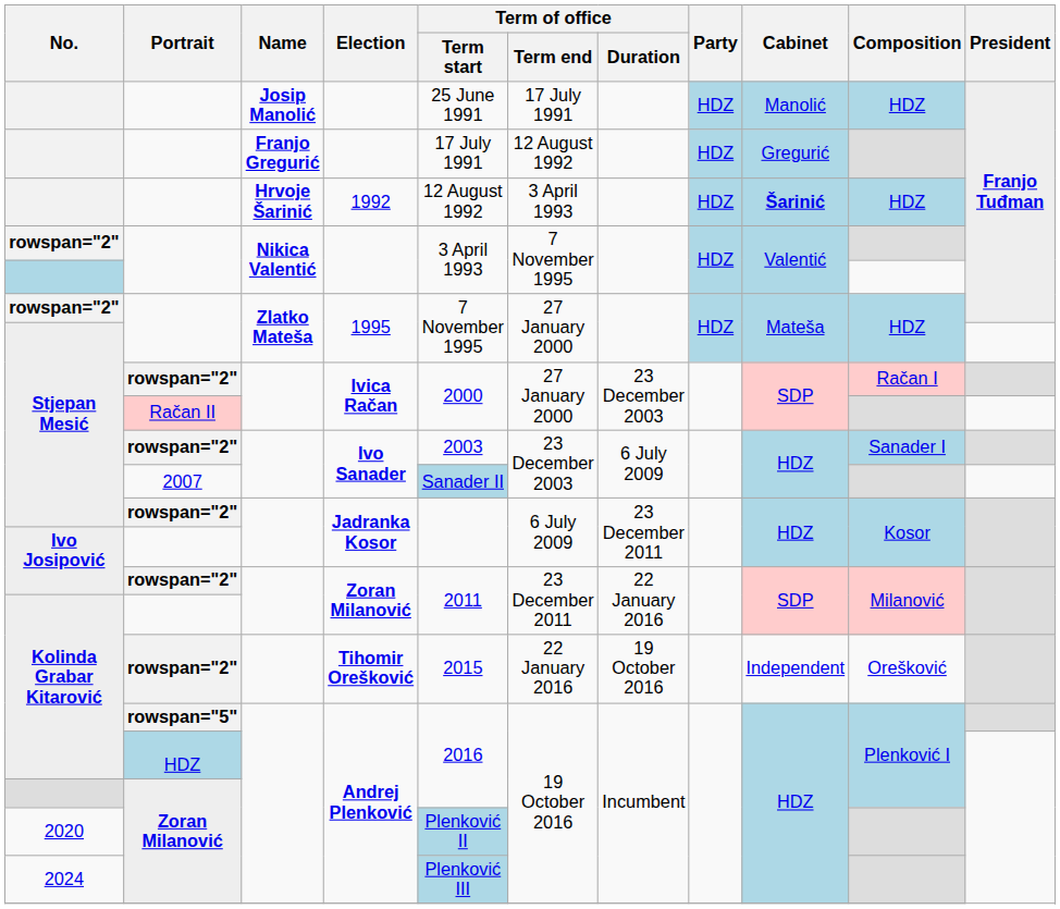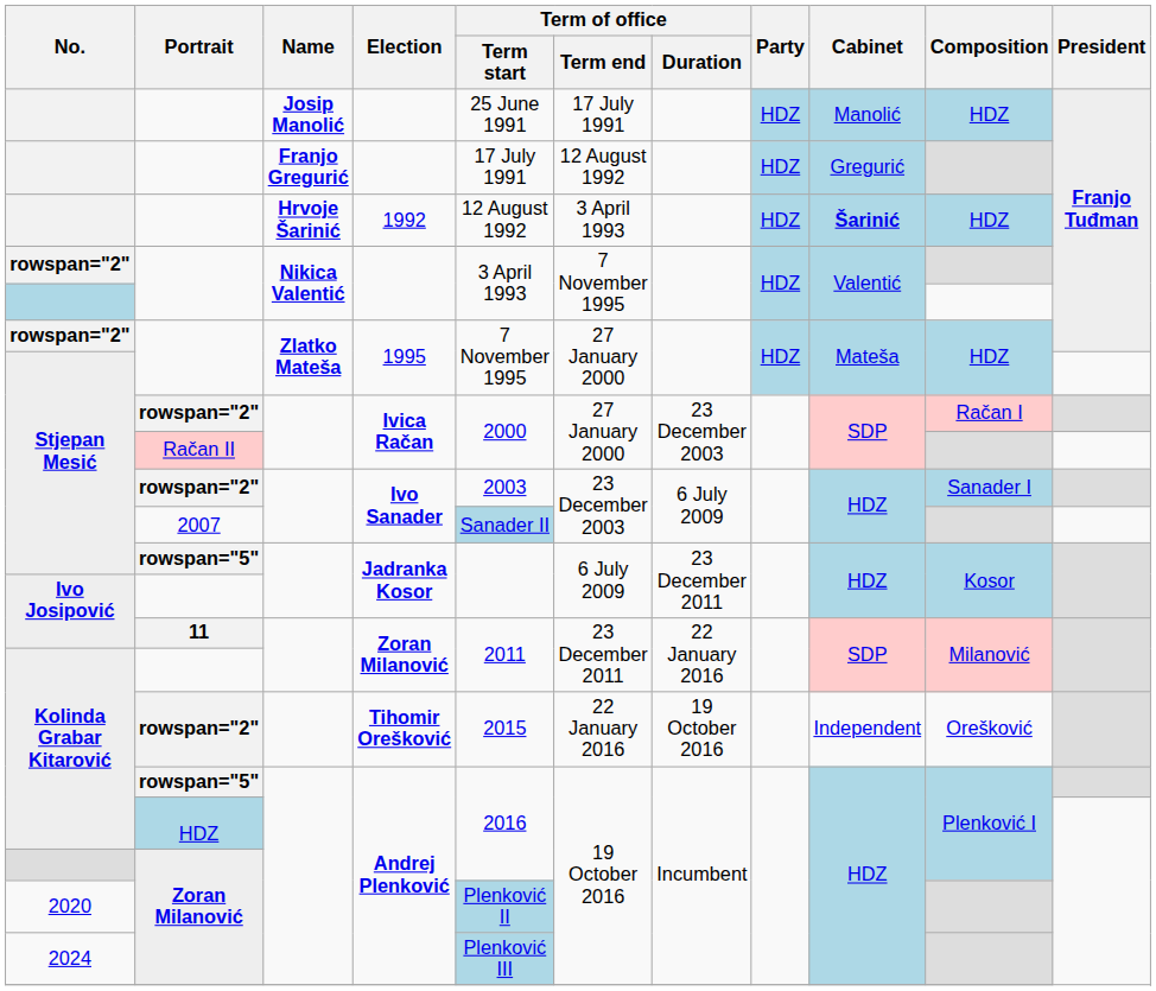 <table class="wikitable plainrowheaders" style="text-align:center;">
 <tr>
 <th rowspan="2">No.</th>
 <th rowspan="2">Portrait</th>
 <th rowspan="2">Name<br></th>
 <th rowspan="2">Election</th>
 <th colspan="3">Term of office</th>
 <th rowspan="2">Party</th>
 <th rowspan="2">Cabinet</th>
 <th rowspan="2">Composition</th>
 <th rowspan="2">President<br></th>
 </tr>
 <tr>
 <th>Term start</th>
 <th>Term end</th>
 <th>Duration</th>
 </tr>
 <tr>
 <th> </th>
 <td></td>
 <td><strong><a href='#'>Josip Manolić</a></strong><br></td>
 <td class="nowrap"></td>
 <td class="nowrap" style="background:">25 June 1991</td>
 <td class="nowrap" style="background:">17 July 1991</td>
 <td></td>
 <td style="background:#ADD8E6 "><a href='#'>HDZ<br></a></td>
 <td style="background:#ADD8E6 "><a href='#'>Manolić</a></td>
 <td style="background:#ADD8E6 "><a href='#'>HDZ</a></td>
 <td rowspan="6" scope="row" style="text-align:center;" bgcolor="#EEEEEE"><strong><a href='#'>Franjo<br>Tuđman</a></strong><br><br></td>
 </tr>
 <tr>
 <th> </th>
 <td></td>
 <td><strong><a href='#'>Franjo Gregurić</a></strong><br></td>
 <td class="nowrap"></td>
 <td class="nowrap">17 July 1991</td>
 <td>12 August 1992</td>
 <td></td>
 <td style="background:#ADD8E6 "><a href='#'>HDZ<br></a></td>
 <td style="background:#ADD8E6 "><a href='#'>Gregurić</a></td>
 <td style="background:#DDDDDD "></td>
 </tr>
 <tr>
 <th> </th>
 <td></td>
 <td><strong><a href='#'>Hrvoje Šarinić</a></strong><br></td>
 <td class="nowrap"><a href='#'>1992</a></td>
 <td class="nowrap">12 August 1992</td>
 <td>3 April 1993</td>
 <td></td>
 <td style="background:#ADD8E6 "><a href='#'>HDZ<br></a></td>
 <td style="background:#ADD8E6 "><strong><a href='#'>Šarinić</a></strong></td>
 <td style="background:#ADD8E6 "><a href='#'>HDZ</a></td>
 </tr>
 <tr>
 <th>rowspan="2"  </th>
 <td rowspan="2"></td>
 <td rowspan="2"><strong><a href='#'>Nikica Valentić</a></strong><br></td>
 <td rowspan="2" class="nowrap"></td>
 <td rowspan="2" class="nowrap">3 April 1993</td>
 <td rowspan="2">7 November 1995</td>
 <td rowspan="2"></td>
 <td rowspan="2" style="background:#ADD8E6 "><a href='#'>HDZ<br></a></td>
 <td rowspan="2" style="background:#ADD8E6 "><a href='#'>Valentić</a></td>
 <td style="background:#DDDDDD "><br></td>
 </tr>
 <tr>
 <td style="background:#ADD8E6 "><br></td>
 </tr>
 <tr>
 <th>rowspan="2"  </th>
 <td rowspan="2"></td>
 <td rowspan="2"><strong><a href='#'>Zlatko Mateša</a></strong><br></td>
 <td rowspan="2" class="nowrap"><a href='#'>1995</a></td>
 <td rowspan="2" class="nowrap">7 November 1995</td>
 <td rowspan="2">27 January 2000</td>
 <td rowspan="2"></td>
 <td rowspan="2" style="background:#ADD8E6 "><a href='#'>HDZ<br></a></td>
 <td rowspan="2" style="background:#ADD8E6 "><a href='#'>Mateša</a></td>
 <td rowspan="2" style="background:#ADD8E6 "><a href='#'>HDZ</a></td>
 </tr>
 <tr>
 <td rowspan="6" scope="row" style="text-align:center;" bgcolor="#EEEEEE"><strong><a href='#'>Stjepan<br>Mesić</a></strong><br><br></td>
 </tr>
 <tr>
 <th>rowspan="2"  </th>
 <td rowspan="2"></td>
 <td rowspan="2"><strong><a href='#'>Ivica Račan</a></strong><br></td>
 <td rowspan="2" class="nowrap"><a href='#'>2000</a></td>
 <td rowspan="2" class="nowrap">27 January 2000</td>
 <td rowspan="2">23 December 2003</td>
 <td rowspan="2"></td>
 <td rowspan="2" style="background:#FFCCCC "><a href='#'>SDP<br></a></td>
 <td style="background:#FFCCCC "><a href='#'>Račan I</a></td>
 <td style="background:#DDDDDD "></td>
 </tr>
 <tr>
 <td style="background:#FFCCCC "><a href='#'>Račan II</a></td>
 <td style="background:#DDDDDD "></td>
 </tr>
 <tr>
 <th>rowspan="2"  </th>
 <td rowspan="2"></td>
 <td rowspan="2"><strong><a href='#'>Ivo Sanader</a></strong><br></td>
 <td class="nowrap"><a href='#'>2003</a></td>
 <td rowspan="2" class="nowrap">23 December 2003</td>
 <td rowspan="2">6 July 2009</td>
 <td rowspan="2"></td>
 <td rowspan="2" style="background:#ADD8E6 "><a href='#'>HDZ<br></a></td>
 <td style="background:#ADD8E6 "><a href='#'>Sanader I</a></td>
 <td style="background:#DDDDDD "></td>
 </tr>
 <tr>
 <td class="nowrap"><a href='#'>2007</a></td>
 <td style="background:#ADD8E6 "><a href='#'>Sanader II</a></td>
 <td style="background:#DDDDDD "></td>
 </tr>
 <tr>
-<th>rowspan="2"  </th>
+<th>rowspan="5"  </th>
 <td rowspan="2"></td>
 <td rowspan="2"><strong><a href='#'>Jadranka Kosor</a></strong><br></td>
 <td rowspan="2" class="nowrap"></td>
 <td rowspan="2" class="nowrap">6 July 2009</td>
 <td rowspan="2">23 December 2011</td>
 <td rowspan="2"></td>
 <td rowspan="2" style="background:#ADD8E6 "><a href='#'>HDZ<br></a></td>
 <td rowspan="2" style="background:#ADD8E6 "><a href='#'>Kosor</a></td>
 <td rowspan="2" style="background:#DDDDDD "></td>
 </tr>
 <tr>
 <td rowspan="2" scope="row" style="text-align:center;" bgcolor="#EEEEEE"><strong><a href='#'>Ivo<br>Josipović</a></strong><br><br></td>
 </tr>
 <tr>
-<th>rowspan="2"  </th>
+<th> 11</th>
 <td rowspan="2"></td>
 <td rowspan="2"><strong><a href='#'>Zoran Milanović</a></strong><br></td>
 <td rowspan="2" class="nowrap"><a href='#'>2011</a></td>
 <td rowspan="2" class="nowrap">23 December 2011</td>
 <td rowspan="2">22 January 2016</td>
 <td rowspan="2"></td>
 <td rowspan="2" style="background:#FFCCCC "><a href='#'>SDP<br></a></td>
 <td rowspan="2" style="background:#FFCCCC "><a href='#'>Milanović</a></td>
 <td rowspan="2" style="background:#DDDDDD "></td>
 </tr>
 <tr>
 <td rowspan="4" scope="row" style="text-align:center;" bgcolor="#EEEEEE"><strong><a href='#'>Kolinda<br>Grabar<br>Kitarović</a></strong><br><br></td>
 </tr>
 <tr>
 <th>rowspan="2"  </th>
 <td></td>
 <td><strong><a href='#'>Tihomir Orešković</a></strong><br></td>
 <td class="nowrap"><a href='#'>2015</a></td>
 <td class="nowrap">22 January 2016</td>
 <td>19 October 2016</td>
 <td></td>
 <td style="background: "><a href='#'>Independent</a></td>
 <td style="background: "><a href='#'>Orešković</a></td>
 <td style="background:#DDDDDD "></td>
 </tr>
 <tr>
 <th>rowspan="5"  </th>
 <td rowspan="5"></td>
 <td rowspan="5"><strong><a href='#'>Andrej Plenković</a></strong><br></td>
 <td rowspan="3" class="nowrap"><a href='#'>2016</a></td>
 <td rowspan="5" class="nowrap">19 October 2016</td>
 <td rowspan="5">Incumbent</td>
 <td rowspan="5"></td>
 <td rowspan="5" style="background:#ADD8E6 "><a href='#'>HDZ<br></a></td>
 <td rowspan="3" style="background:#ADD8E6 "><a href='#'>Plenković I</a></td>
 <td style="background:#DDDDDD "><br></td>
 </tr>
 <tr>
 <td style="background:#ADD8E6 "><br><a href='#'>HDZ</a></td>
 </tr>
 <tr>
 <td style="background:#DDDDDD "><br></td>
 <td rowspan="3" scope="row" style="text-align:center;" bgcolor="#EEEEEE"><strong><a href='#'>Zoran<br>Milanović</a></strong><br><br></td>
 </tr>
 <tr>
 <td class="nowrap"><a href='#'>2020</a></td>
 <td style="background:#ADD8E6 "><a href='#'>Plenković II</a></td>
 <td style="background:#DDDDDD "></td>
 </tr>
 <tr>
 <td class="nowrap"><a href='#'>2024</a></td>
 <td style="background:#ADD8E6 "><a href='#'>Plenković III</a></td>
 <td style="background:#DDDDDD "></td>
 </tr>
 <tr>
 </tr>
 </table>
